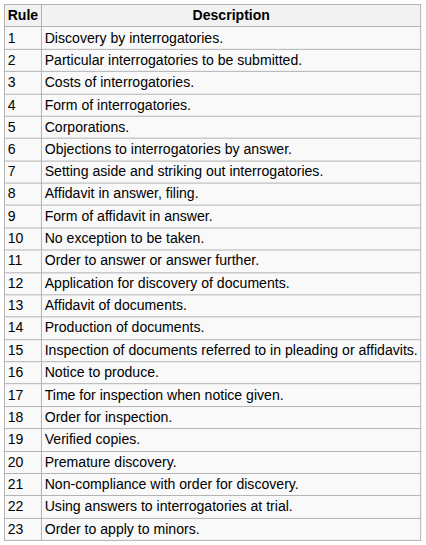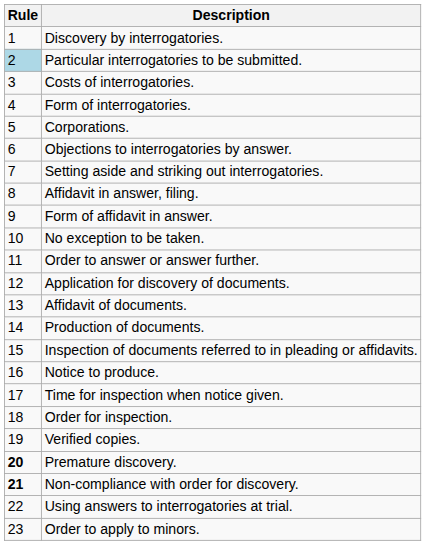 <table class="wikitable">
 <tr>
 <th>Rule</th>
 <th>Description</th>
 </tr>
 <tr>
 <td>1</td>
 <td>Discovery by interrogatories.</td>
 </tr>
 <tr>
-<td>2</td>
+<td style="background: lightblue;">2</td>
 <td>Particular interrogatories to be submitted.</td>
 </tr>
 <tr>
 <td>3</td>
 <td>Costs of interrogatories.</td>
 </tr>
 <tr>
 <td>4</td>
 <td>Form of interrogatories.</td>
 </tr>
 <tr>
 <td>5</td>
 <td>Corporations.</td>
 </tr>
 <tr>
 <td>6</td>
 <td>Objections to interrogatories by answer.</td>
 </tr>
 <tr>
 <td>7</td>
 <td>Setting aside and striking out interrogatories.</td>
 </tr>
 <tr>
 <td>8</td>
 <td>Affidavit in answer, filing.</td>
 </tr>
 <tr>
 <td>9</td>
 <td>Form of affidavit in answer.</td>
 </tr>
 <tr>
 <td>10</td>
 <td>No exception to be taken.</td>
 </tr>
 <tr>
 <td>11</td>
 <td>Order to answer or answer further.  </td>
 </tr>
 <tr>
 <td>12</td>
 <td>Application for discovery of documents.</td>
 </tr>
 <tr>
 <td>13</td>
 <td>Affidavit of documents.</td>
 </tr>
 <tr>
 <td>14</td>
 <td>Production of documents.</td>
 </tr>
 <tr>
 <td>15</td>
 <td>Inspection of documents referred to in pleading or affidavits.</td>
 </tr>
 <tr>
 <td>16</td>
 <td>Notice to produce.</td>
 </tr>
 <tr>
 <td>17</td>
 <td>Time for inspection when notice given.</td>
 </tr>
 <tr>
 <td>18</td>
 <td>Order for inspection.</td>
 </tr>
 <tr>
 <td>19</td>
 <td>Verified copies.</td>
 </tr>
 <tr>
-<td>20</td>
+<td><strong>20</strong></td>
 <td>Premature discovery.</td>
 </tr>
 <tr>
-<td>21</td>
+<td><strong>21</strong></td>
 <td>Non-compliance with order for discovery.</td>
 </tr>
 <tr>
 <td>22</td>
 <td>Using answers to interrogatories at trial.</td>
 </tr>
 <tr>
 <td>23</td>
 <td>Order to apply to minors.</td>
 </tr>
 </table>
